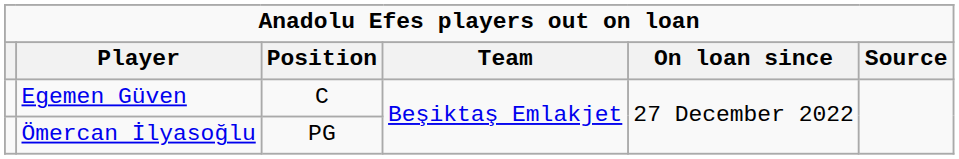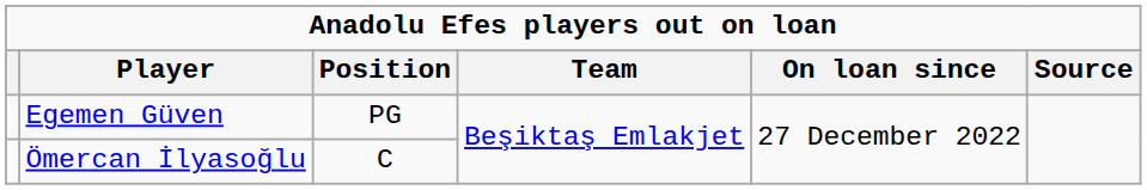 <table class="wikitable sortable" style="font-size: 95%; text-align:center;">
 <tr>
 <td colspan=7><strong>Anadolu Efes players out on loan</strong></td>
 </tr>
 <tr>
 <th></th>
 <th>Player</th>
 <th>Position</th>
 <th>Team</th>
 <th>On loan since</th>
 <th>Source</th>
 </tr>
 <tr>
 <td></td>
 <td style="text-align:left;"><a href='#'>Egemen Güven</a></td>
-<td>C</td>
+<td>PG</td>
 <td style="text-align:left;" rowspan=2> <a href='#'>Beşiktaş Emlakjet</a></td>
 <td style="text-align:left;" rowspan=2>27 December 2022</td>
 <td style="text-align:center;" rowspan=2></td>
 </tr>
 <tr>
 <td></td>
 <td style="text-align:left;"><a href='#'>Ömercan İlyasoğlu</a></td>
-<td>PG</td>
+<td>C</td>
 </tr>
 </table>
